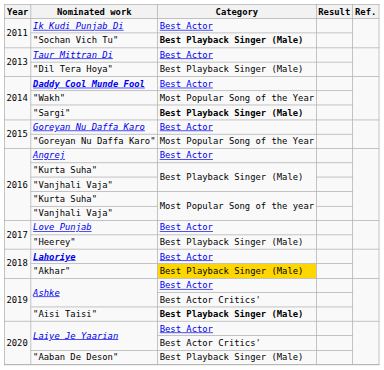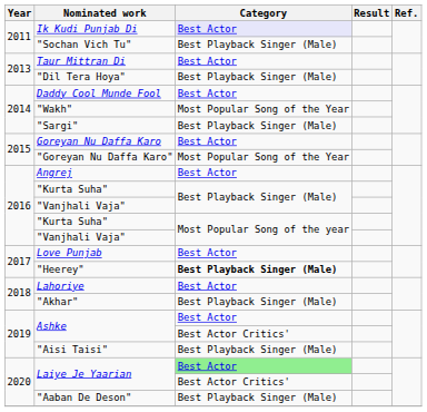 <table class="wikitable sortable">
 <tr>
 <th width = 33px>Year</th>
 <th>Nominated work</th>
 <th>Category</th>
 <th>Result</th>
 <th width = 33px>Ref.</th>
 </tr>
 <tr>
 <td rowspan="2">2011</td>
 <td><em><a href='#'>Ik Kudi Punjab Di</a></em></td>
-<td><a href='#'>Best Actor</a></td>
+<td style="background: lavender;"><a href='#'>Best Actor</a></td>
 <td></td>
 <td rowspan="2"></td>
 </tr>
 <tr>
 <td>"Sochan Vich Tu"</td>
-<td><strong>Best Playback Singer (Male)</strong></td>
+<td>Best Playback Singer (Male)</td>
 <td></td>
 </tr>
 <tr>
 <td rowspan="2">2013</td>
 <td><em><a href='#'>Taur Mittran Di</a></em></td>
 <td><a href='#'>Best Actor</a></td>
 <td></td>
 <td rowspan="2"></td>
 </tr>
 <tr>
 <td>"Dil Tera Hoya"</td>
 <td>Best Playback Singer (Male)</td>
 <td></td>
 </tr>
 <tr>
 <td rowspan="3">2014</td>
-<td><strong><em><a href='#'>Daddy Cool Munde Fool</a></em></strong></td>
+<td><em><a href='#'>Daddy Cool Munde Fool</a></em></td>
 <td><a href='#'>Best Actor</a></td>
 <td></td>
 <td rowspan="3"></td>
 </tr>
 <tr>
 <td>"Wakh"</td>
 <td>Most Popular Song of the Year</td>
 <td></td>
 </tr>
 <tr>
 <td>"Sargi"</td>
-<td><strong>Best Playback Singer (Male)</strong></td>
+<td>Best Playback Singer (Male)</td>
 <td></td>
 </tr>
 <tr>
 <td rowspan="2">2015</td>
 <td><em><a href='#'>Goreyan Nu Daffa Karo</a></em></td>
 <td><a href='#'>Best Actor</a></td>
 <td></td>
 <td rowspan="2"></td>
 </tr>
 <tr>
 <td>"Goreyan Nu Daffa Karo"</td>
 <td>Most Popular Song of the Year</td>
 <td></td>
 </tr>
 <tr>
 <td rowspan="5">2016</td>
 <td><em><a href='#'>Angrej</a></em></td>
 <td><a href='#'>Best Actor</a></td>
 <td></td>
 <td rowspan="5"></td>
 </tr>
 <tr>
 <td>"Kurta Suha"</td>
 <td rowspan="2">Best Playback Singer (Male)</td>
 <td></td>
 </tr>
 <tr>
 <td>"Vanjhali Vaja"</td>
 <td></td>
 </tr>
 <tr>
 <td>"Kurta Suha"</td>
 <td rowspan="2">Most Popular Song of the year</td>
 <td></td>
 </tr>
 <tr>
 <td>"Vanjhali Vaja"</td>
 <td></td>
 </tr>
 <tr>
 <td rowspan="2">2017</td>
 <td><em><a href='#'>Love Punjab</a></em></td>
 <td><a href='#'>Best Actor</a></td>
 <td></td>
 <td rowspan="2"></td>
 </tr>
 <tr>
 <td>"Heerey"</td>
-<td>Best Playback Singer (Male)</td>
+<td><strong>Best Playback Singer (Male)</strong></td>
 <td></td>
 </tr>
 <tr>
 <td rowspan="2">2018</td>
-<td><strong><em><a href='#'>Lahoriye</a></em></strong></td>
+<td><em><a href='#'>Lahoriye</a></em></td>
 <td><a href='#'>Best Actor</a></td>
 <td></td>
 <td rowspan="2"></td>
 </tr>
 <tr>
 <td>"Akhar"</td>
-<td style="background: gold;">Best Playback Singer (Male)</td>
+<td>Best Playback Singer (Male)</td>
 <td></td>
 </tr>
 <tr>
 <td rowspan="3">2019</td>
 <td rowspan="2"><em><a href='#'>Ashke</a></em></td>
 <td><a href='#'>Best Actor</a></td>
 <td></td>
 <td rowspan="3"></td>
 </tr>
 <tr>
 <td>Best Actor Critics'</td>
 <td></td>
 </tr>
 <tr>
 <td>"Aisi Taisi"</td>
-<td><strong>Best Playback Singer (Male)</strong></td>
+<td>Best Playback Singer (Male)</td>
 <td></td>
 </tr>
 <tr>
 <td rowspan="3">2020</td>
 <td rowspan="2"><em><a href='#'>Laiye Je Yaarian</a></em></td>
-<td><a href='#'>Best Actor</a></td>
+<td style="background: lightgreen;"><a href='#'>Best Actor</a></td>
 <td></td>
 <td rowspan="3"></td>
 </tr>
 <tr>
 <td>Best Actor Critics'</td>
 <td></td>
 </tr>
 <tr>
 <td>"Aaban De Deson"</td>
 <td>Best Playback Singer (Male)</td>
 <td></td>
 </tr>
 <tr>
 </tr>
 </table>
